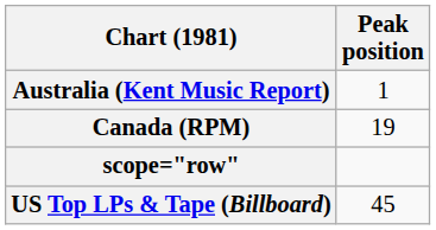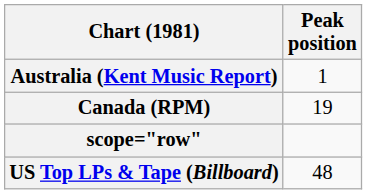 <table class="wikitable sortable plainrowheaders">
 <tr>
 <th scope="col">Chart (1981)</th>
 <th scope="col">Peak<br>position</th>
 </tr>
 <tr>
 <th scope="row">Australia (<a href='#'>Kent Music Report</a>)</th>
 <td style="text-align:center;">1</td>
 </tr>
 <tr>
 <th scope="row">Canada (RPM)</th>
 <td align="center">19</td>
 </tr>
 <tr>
 <th>scope="row"</th>
 </tr>
 <tr>
 <th scope="row">US <a href='#'>Top LPs & Tape</a> (<em>Billboard</em>)</th>
-<td align="center">45</td>
+<td align="center">48</td>
 </tr>
 </table>
